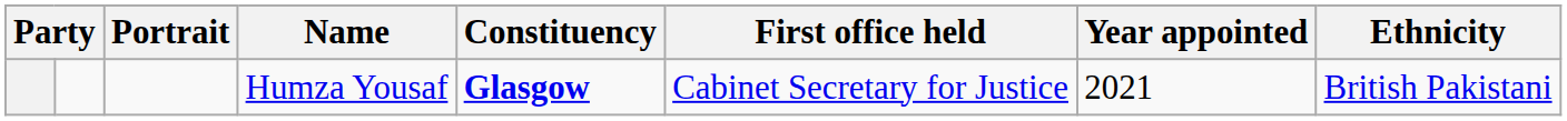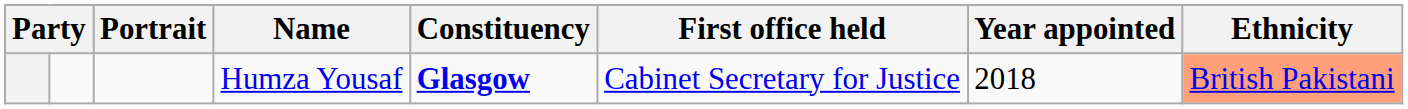 <table class="wikitable sortable">
 <tr>
 <th colspan=2>Party</th>
 <th>Portrait</th>
 <th>Name</th>
 <th>Constituency</th>
 <th>First office held</th>
 <th>Year appointed</th>
 <th>Ethnicity</th>
 </tr>
 <tr>
 <th style="background-color: "></th>
 <td></td>
 <td></td>
 <td><a href='#'>Humza Yousaf</a></td>
 <td><strong><a href='#'>Glasgow</a></strong></td>
 <td><a href='#'>Cabinet Secretary for Justice</a></td>
-<td>2021</td>
-<td><a href='#'>British Pakistani</a></td>
+<td>2018</td>
+<td style="background: lightsalmon;"><a href='#'>British Pakistani</a></td>
 </tr>
 </table>
